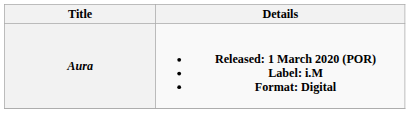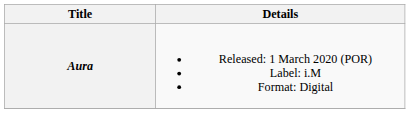 <table class="wikitable plainrowheaders" style="text-align:center;">
 <tr>
 <th scope="col" style="width:12em;">Title</th>
 <th scope="col" style="width:20em;">Details</th>
 </tr>
 <tr>
 <th scope="row"><em>Aura</em></th>
-<td><strong><br><ul><li>Released: 1 March 2020 <span>(POR)</span></li><li>Label: i.M</li><li>Format: Digital</li></ul></strong></td>
+<td><br><ul><li>Released: 1 March 2020 <span>(POR)</span></li><li>Label: i.M</li><li>Format: Digital</li></ul></td>
 </tr>
 <tr>
 </tr>
 </table>
